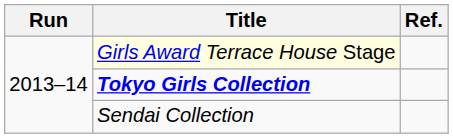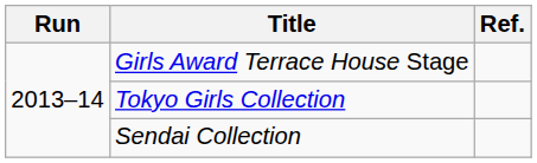 <table class="wikitable">
 <tr>
 <th>Run</th>
 <th>Title</th>
 <th>Ref.</th>
 </tr>
 <tr>
 <td rowspan="3">2013–14</td>
-<td style="background: lightyellow;"><em><a href='#'>Girls Award</a></em> <em>Terrace House</em> Stage</td>
+<td><em><a href='#'>Girls Award</a></em> <em>Terrace House</em> Stage</td>
 <td></td>
 </tr>
 <tr>
-<td><strong><em><a href='#'>Tokyo Girls Collection</a></em></strong></td>
+<td><em><a href='#'>Tokyo Girls Collection</a></em></td>
 <td></td>
 </tr>
 <tr>
 <td><em>Sendai Collection</em></td>
 <td></td>
 </tr>
 </table>
